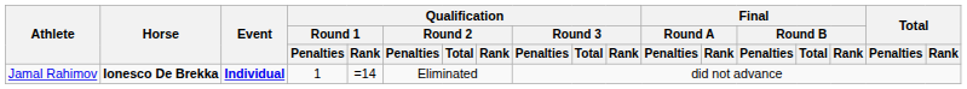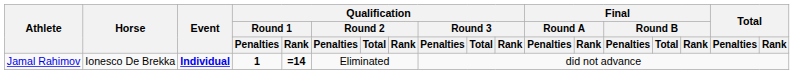 <table class="wikitable" style="font-size:90%">
 <tr>
 <th rowspan="3">Athlete</th>
 <th rowspan="3">Horse</th>
 <th rowspan="3">Event</th>
 <th colspan="8">Qualification</th>
 <th colspan="5">Final</th>
 <th rowspan=2 colspan="2">Total</th>
 </tr>
 <tr style="font-size:95%">
 <th colspan="2">Round 1</th>
 <th colspan="3">Round 2</th>
 <th colspan="3">Round 3</th>
 <th colspan="2">Round A</th>
 <th colspan="3">Round B</th>
 </tr>
 <tr style="font-size:95%">
 <th>Penalties</th>
 <th>Rank</th>
 <th>Penalties</th>
 <th>Total</th>
 <th>Rank</th>
 <th>Penalties</th>
 <th>Total</th>
 <th>Rank</th>
 <th>Penalties</th>
 <th>Rank</th>
 <th>Penalties</th>
 <th>Total</th>
 <th>Rank</th>
 <th>Penalties</th>
 <th>Rank</th>
 </tr>
 <tr align=center>
 <td align=left><a href='#'>Jamal Rahimov</a></td>
-<td align=left><strong>Ionesco De Brekka</strong></td>
+<td align=left>Ionesco De Brekka</td>
 <td align=left><strong><a href='#'>Individual</a></strong></td>
-<td>1</td>
-<td>=14</td>
+<td><strong>1</strong></td>
+<td><strong>=14</strong></td>
 <td colspan=3>Eliminated</td>
 <td colspan=10>did not advance</td>
 </tr>
 </table>
